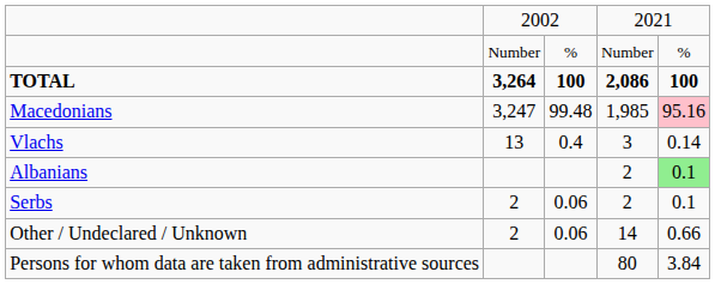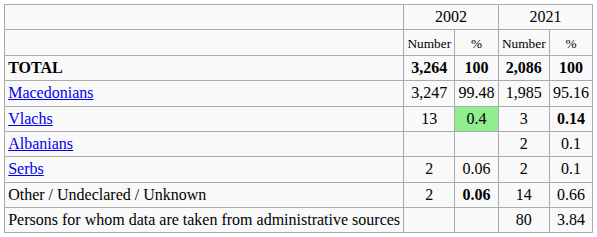 <table class="wikitable">
 <tr>
 <td></td>
 <td colspan="2" align="center">2002</td>
 <td colspan="2" align="center">2021</td>
 </tr>
 <tr>
 <td></td>
 <td align="center"><small>Number</small></td>
 <td align="center"><small>%</small></td>
 <td align="center"><small>Number</small></td>
 <td align="center"><small>%</small></td>
 </tr>
 <tr>
 <td><strong>TOTAL</strong></td>
 <td align="center"><strong>3,264</strong></td>
 <td align="center"><strong>100</strong></td>
 <td align="center"><strong>2,086</strong></td>
 <td align="center"><strong>100</strong></td>
 </tr>
 <tr>
 <td><a href='#'>Macedonians</a></td>
 <td align="center">3,247</td>
 <td align="center">99.48</td>
 <td align="center">1,985</td>
-<td align="center" style="background: pink;">95.16</td>
+<td align="center">95.16</td>
 </tr>
 <tr>
 <td><a href='#'>Vlachs</a></td>
 <td align="center">13</td>
-<td align="center">0.4</td>
+<td align="center" style="background: lightgreen;">0.4</td>
 <td align="center">3</td>
-<td align="center">0.14</td>
+<td align="center"><strong>0.14</strong></td>
 </tr>
 <tr>
 <td><a href='#'>Albanians</a></td>
 <td align="center"></td>
 <td align="center"></td>
 <td align="center">2</td>
-<td align="center" style="background: lightgreen;">0.1</td>
+<td align="center">0.1</td>
 </tr>
 <tr>
 <td><a href='#'>Serbs</a></td>
 <td align="center">2</td>
 <td align="center">0.06</td>
 <td align="center">2</td>
 <td align="center">0.1</td>
 </tr>
 <tr>
 <td>Other / Undeclared / Unknown</td>
 <td align="center">2</td>
-<td align="center">0.06</td>
+<td align="center"><strong>0.06</strong></td>
 <td align="center">14</td>
 <td align="center">0.66</td>
 </tr>
 <tr>
 <td>Persons for whom data are taken from administrative sources</td>
 <td></td>
 <td></td>
 <td align="center">80</td>
 <td align="center">3.84</td>
 </tr>
 <tr>
 </tr>
 </table>
